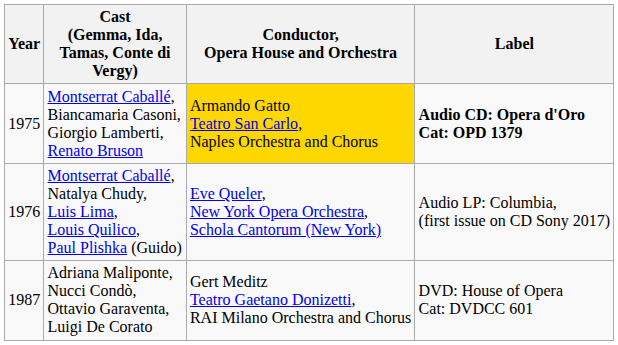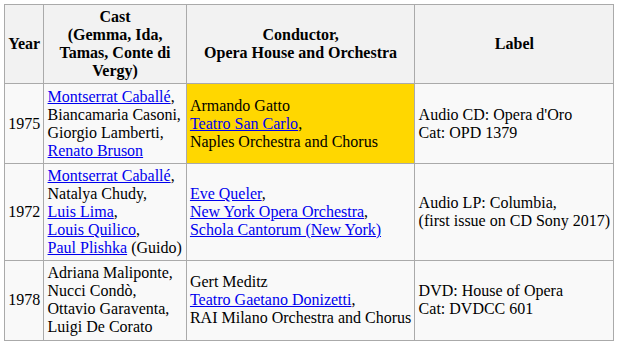 <table class="wikitable">
 <tr>
 <th>Year</th>
 <th width="135">Cast <br> (Gemma, Ida, Tamas, Conte di Vergy)</th>
 <th>Conductor, <br>Opera House and Orchestra</th>
 <th>Label</th>
 </tr>
 <tr>
 <td>1975</td>
 <td><a href='#'>Montserrat Caballé</a>,<br>Biancamaria Casoni,<br>Giorgio Lamberti,<br><a href='#'>Renato Bruson</a></td>
 <td style="background: gold;">Armando Gatto<br><a href='#'>Teatro San Carlo</a>,<br> Naples Orchestra and Chorus</td>
-<td><strong>Audio CD: Opera d'Oro<br>Cat: OPD 1379</strong></td>
+<td>Audio CD: Opera d'Oro<br>Cat: OPD 1379</td>
 </tr>
 <tr>
-<td>1976</td>
+<td>1972</td>
 <td><a href='#'>Montserrat Caballé</a>,<br>Natalya Chudy,<br><a href='#'>Luis Lima</a>,<br><a href='#'>Louis Quilico</a>,<br><a href='#'>Paul Plishka</a> (Guido)</td>
 <td><a href='#'>Eve Queler</a>,<br><a href='#'>New York Opera Orchestra</a>,<br><a href='#'>Schola Cantorum (New York)</a></td>
 <td>Audio LP: Columbia,<br>(first issue on CD Sony 2017)</td>
 </tr>
 <tr>
-<td>1987</td>
+<td>1978</td>
 <td>Adriana Maliponte,<br>Nucci Condò,<br>Ottavio Garaventa,<br>Luigi De Corato</td>
 <td>Gert Meditz<br><a href='#'>Teatro Gaetano Donizetti</a>,<br>RAI Milano Orchestra and Chorus</td>
 <td>DVD: House of Opera<br>Cat: DVDCC 601</td>
 </tr>
 <tr>
 </tr>
 </table>
